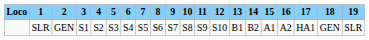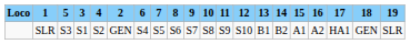 <table class="wikitable plainrowheaders unsortable" style="text-align:center">
 <tr>
 <th scope="col" rowspan="1" style="background:lightskyblue;">Loco</th>
 <th scope="col" rowspan="1" style="background:lightskyblue;">1</th>
-<th scope="col" rowspan="1" style="background:lightskyblue;">2</th>
+<th scope="col" rowspan="1" style="background:lightskyblue;">5</th>
 <th scope="col" rowspan="1" style="background:lightskyblue;">3</th>
 <th scope="col" rowspan="1" style="background:lightskyblue;">4</th>
-<th scope="col" rowspan="1" style="background:lightskyblue;">5</th>
+<th scope="col" rowspan="1" style="background:lightskyblue;">2</th>
 <th scope="col" rowspan="1" style="background:lightskyblue;">6</th>
 <th scope="col" rowspan="1" style="background:lightskyblue;">7</th>
 <th scope="col" rowspan="1" style="background:lightskyblue;">8</th>
 <th scope="col" rowspan="1" style="background:lightskyblue;">9</th>
 <th scope="col" rowspan="1" style="background:lightskyblue;">10</th>
 <th scope="col" rowspan="1" style="background:lightskyblue;">11</th>
 <th scope="col" rowspan="1" style="background:lightskyblue;">12</th>
 <th scope="col" rowspan="1" style="background:lightskyblue;">13</th>
 <th scope="col" rowspan="1" style="background:lightskyblue;">14</th>
 <th scope="col" rowspan="1" style="background:lightskyblue;">15</th>
 <th scope="col" rowspan="1" style="background:lightskyblue;">16</th>
 <th scope="col" rowspan="1" style="background:lightskyblue;">17</th>
 <th scope="col" rowspan="1" style="background:lightskyblue;">18</th>
 <th scope="col" rowspan="1" style="background:lightskyblue;">19</th>
 </tr>
 <tr>
 <td></td>
 <td>SLR</td>
-<td>GEN</td>
+<td>S3</td>
 <td>S1</td>
 <td>S2</td>
-<td>S3</td>
+<td>GEN</td>
 <td>S4</td>
 <td>S5</td>
 <td>S6</td>
 <td>S7</td>
 <td>S8</td>
 <td>S9</td>
 <td>S10</td>
 <td>B1</td>
 <td>B2</td>
 <td>A1</td>
 <td>A2</td>
 <td>HA1</td>
 <td>GEN</td>
 <td>SLR</td>
 </tr>
 </table>
